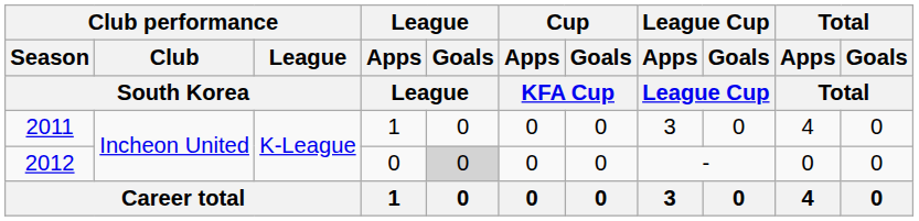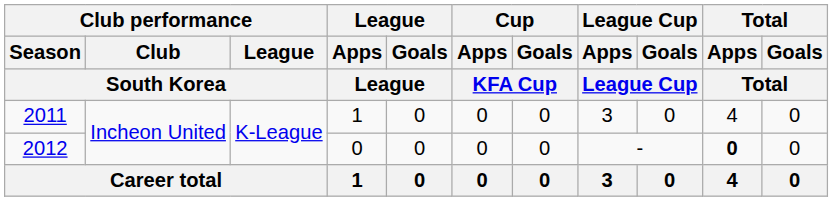 <table class="wikitable" style="text-align:center">
 <tr>
 <th colspan=3>Club performance</th>
 <th colspan=2>League</th>
 <th colspan=2>Cup</th>
 <th colspan=2>League Cup</th>
 <th colspan=2>Total</th>
 </tr>
 <tr>
 <th>Season</th>
 <th>Club</th>
 <th>League</th>
 <th>Apps</th>
 <th>Goals</th>
 <th>Apps</th>
 <th>Goals</th>
 <th>Apps</th>
 <th>Goals</th>
 <th>Apps</th>
 <th>Goals</th>
 </tr>
 <tr>
 <th colspan=3>South Korea</th>
 <th colspan=2>League</th>
 <th colspan=2><a href='#'>KFA Cup</a></th>
 <th colspan=2><a href='#'>League Cup</a></th>
 <th colspan=2>Total</th>
 </tr>
 <tr>
 <td><a href='#'>2011</a></td>
 <td rowspan="2"><a href='#'>Incheon United</a></td>
 <td rowspan="2"><a href='#'>K-League</a></td>
 <td>1</td>
 <td>0</td>
 <td>0</td>
 <td>0</td>
 <td>3</td>
 <td>0</td>
 <td>4</td>
 <td>0</td>
 </tr>
 <tr>
 <td><a href='#'>2012</a></td>
 <td>0</td>
-<td style="background: lightgrey;">0</td>
+<td>0</td>
 <td>0</td>
 <td>0</td>
 <td colspan="2">-</td>
-<td>0</td>
+<td><strong>0</strong></td>
 <td>0</td>
 </tr>
 <tr>
 <th colspan=3>Career total</th>
 <th>1</th>
 <th>0</th>
 <th>0</th>
 <th>0</th>
 <th>3</th>
 <th>0</th>
 <th>4</th>
 <th>0</th>
 </tr>
 </table>
